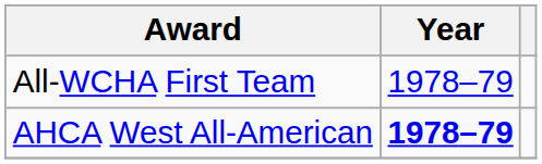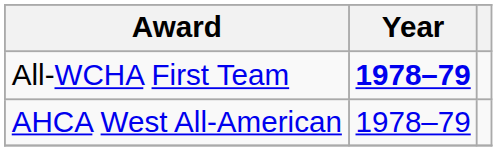 <table class="wikitable">
 <tr>
 <th>Award</th>
 <th>Year</th>
 <th></th>
 </tr>
 <tr>
 <td>All-<a href='#'>WCHA</a> <a href='#'>First Team</a></td>
-<td><a href='#'>1978–79</a></td>
+<td><strong><a href='#'>1978–79</a></strong></td>
 <td></td>
 </tr>
 <tr>
 <td><a href='#'>AHCA</a> <a href='#'>West All-American</a></td>
-<td><strong><a href='#'>1978–79</a></strong></td>
+<td><a href='#'>1978–79</a></td>
 <td></td>
 </tr>
 <tr>
 </tr>
 </table>
